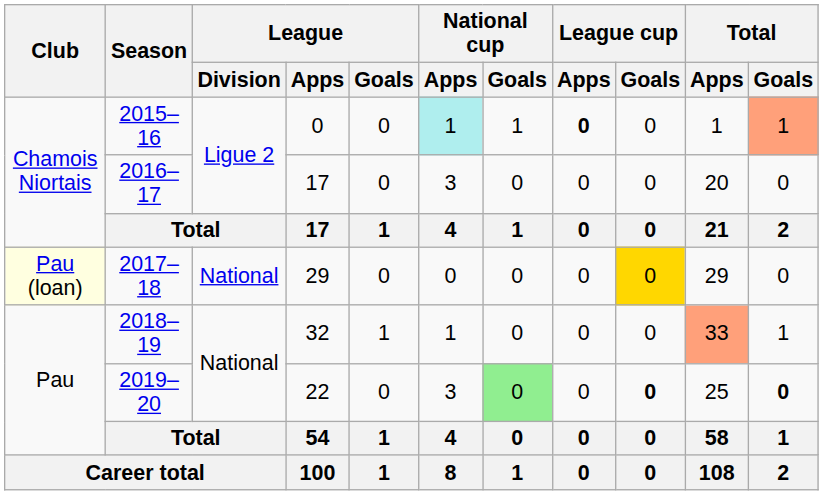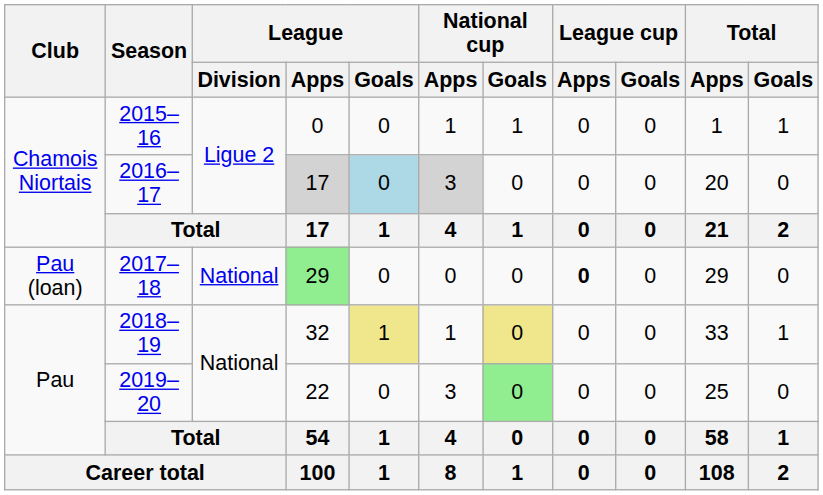 <table class="wikitable" style="text-align:center">
 <tr>
 <th rowspan="2">Club</th>
 <th rowspan="2">Season</th>
 <th colspan="3">League</th>
 <th colspan="2">National cup</th>
 <th colspan="2">League cup</th>
 <th colspan="2">Total</th>
 </tr>
 <tr>
 <th>Division</th>
 <th>Apps</th>
 <th>Goals</th>
 <th>Apps</th>
 <th>Goals</th>
 <th>Apps</th>
 <th>Goals</th>
 <th>Apps</th>
 <th>Goals</th>
 </tr>
 <tr>
 <td rowspan="3"><a href='#'>Chamois Niortais</a></td>
 <td><a href='#'>2015–16</a></td>
 <td rowspan="2"><a href='#'>Ligue 2</a></td>
 <td>0</td>
 <td>0</td>
-<td style="background: paleturquoise;">1</td>
 <td>1</td>
-<td><strong>0</strong></td>
+<td>1</td>
+<td>0</td>
 <td>0</td>
 <td>1</td>
-<td style="background: lightsalmon;">1</td>
+<td>1</td>
 </tr>
 <tr>
 <td><a href='#'>2016–17</a></td>
-<td>17</td>
-<td>0</td>
-<td>3</td>
+<td style="background: lightgrey;">17</td>
+<td style="background: lightblue;">0</td>
+<td style="background: lightgrey;">3</td>
 <td>0</td>
 <td>0</td>
 <td>0</td>
 <td>20</td>
 <td>0</td>
 </tr>
 <tr>
 <th colspan="2">Total</th>
 <th>17</th>
 <th>1</th>
 <th>4</th>
 <th>1</th>
 <th>0</th>
 <th>0</th>
 <th>21</th>
 <th>2</th>
 </tr>
 <tr>
-<td style="background: lightyellow;"><a href='#'>Pau</a> (loan)</td>
+<td><a href='#'>Pau</a> (loan)</td>
 <td><a href='#'>2017–18</a></td>
 <td><a href='#'>National</a></td>
-<td>29</td>
+<td style="background: lightgreen;">29</td>
 <td>0</td>
 <td>0</td>
 <td>0</td>
+<td><strong>0</strong></td>
 <td>0</td>
-<td style="background: gold;">0</td>
 <td>29</td>
 <td>0</td>
 </tr>
 <tr>
 <td rowspan="3">Pau</td>
 <td><a href='#'>2018–19</a></td>
 <td rowspan="2">National</td>
 <td>32</td>
+<td style="background: khaki;">1</td>
 <td>1</td>
-<td>1</td>
+<td style="background: khaki;">0</td>
 <td>0</td>
 <td>0</td>
-<td>0</td>
-<td style="background: lightsalmon;">33</td>
+<td>33</td>
 <td>1</td>
 </tr>
 <tr>
 <td><a href='#'>2019–20</a></td>
 <td>22</td>
 <td>0</td>
 <td>3</td>
 <td style="background: lightgreen;">0</td>
 <td>0</td>
-<td><strong>0</strong></td>
+<td>0</td>
 <td>25</td>
-<td><strong>0</strong></td>
+<td>0</td>
 </tr>
 <tr>
 <th colspan="2">Total</th>
 <th>54</th>
 <th>1</th>
 <th>4</th>
 <th>0</th>
 <th>0</th>
 <th>0</th>
 <th>58</th>
 <th>1</th>
 </tr>
 <tr>
 <th colspan="3">Career total</th>
 <th>100</th>
 <th>1</th>
 <th>8</th>
 <th>1</th>
 <th>0</th>
 <th>0</th>
 <th>108</th>
 <th>2</th>
 </tr>
 </table>
